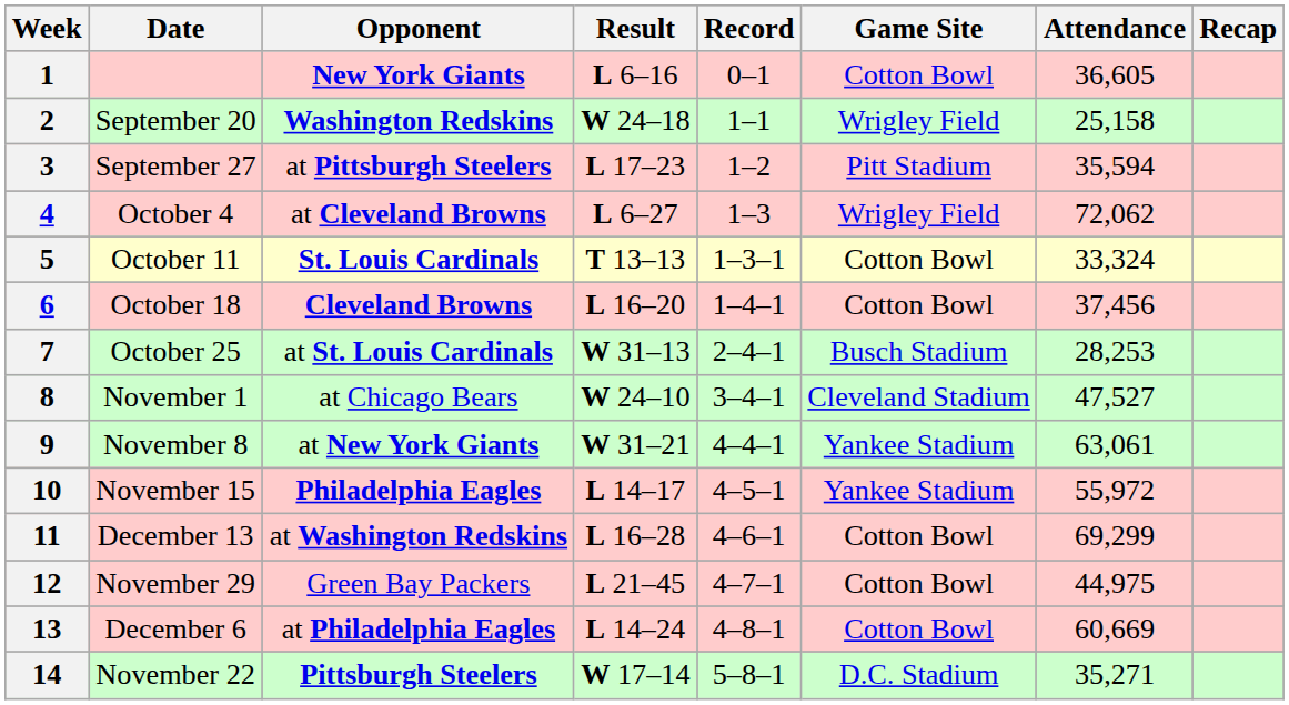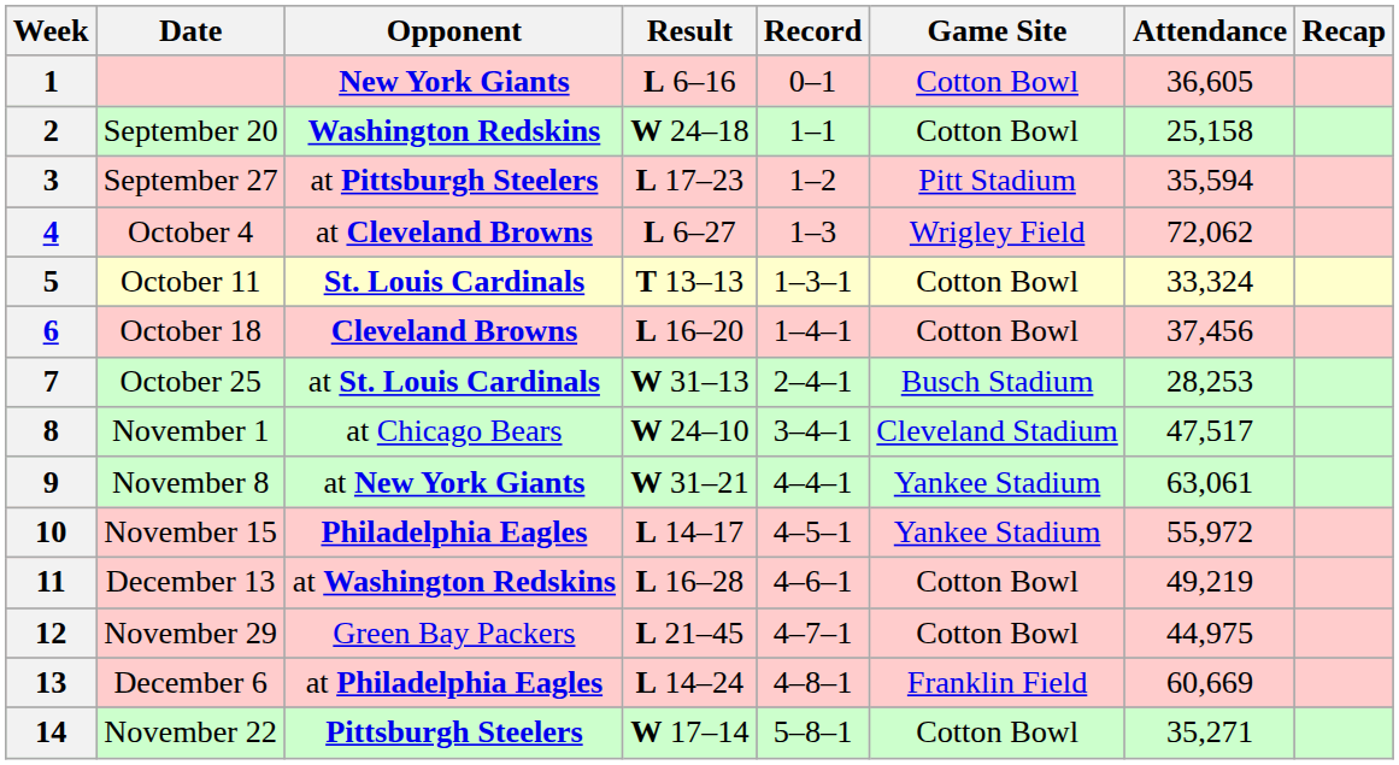 <table class="wikitable" style="text-align:center">
 <tr>
 <th>Week</th>
 <th>Date</th>
 <th>Opponent</th>
 <th>Result</th>
 <th>Record</th>
 <th>Game Site</th>
 <th>Attendance</th>
 <th>Recap</th>
 </tr>
 <tr style="background: #fcc">
 <th>1</th>
 <td></td>
 <td><strong><a href='#'>New York Giants</a></strong></td>
 <td><strong>L</strong> 6–16</td>
 <td>0–1</td>
 <td><a href='#'>Cotton Bowl</a></td>
 <td>36,605</td>
 <td></td>
 </tr>
 <tr style="background: #cfc">
 <th>2</th>
 <td>September 20</td>
 <td><strong><a href='#'>Washington Redskins</a></strong></td>
 <td><strong>W</strong> 24–18</td>
 <td>1–1</td>
-<td><a href='#'>Wrigley Field</a></td>
+<td>Cotton Bowl</td>
 <td>25,158</td>
 <td></td>
 </tr>
 <tr style="background: #fcc">
 <th>3</th>
 <td>September 27</td>
 <td>at <strong><a href='#'>Pittsburgh Steelers</a></strong></td>
 <td><strong>L</strong> 17–23</td>
 <td>1–2</td>
 <td><a href='#'>Pitt Stadium</a></td>
 <td>35,594</td>
 <td></td>
 </tr>
 <tr style="background: #fcc">
 <th><a href='#'>4</a></th>
 <td>October 4</td>
 <td>at <strong><a href='#'>Cleveland Browns</a></strong></td>
 <td><strong>L</strong> 6–27</td>
 <td>1–3</td>
 <td><a href='#'>Wrigley Field</a></td>
 <td>72,062</td>
 <td></td>
 </tr>
 <tr style="background: #ffc">
 <th>5</th>
 <td>October 11</td>
 <td><strong><a href='#'>St. Louis Cardinals</a></strong></td>
 <td><strong>T</strong> 13–13</td>
 <td>1–3–1</td>
 <td>Cotton Bowl</td>
 <td>33,324</td>
 <td></td>
 </tr>
 <tr style="background: #fcc">
 <th><a href='#'>6</a></th>
 <td>October 18</td>
 <td><strong><a href='#'>Cleveland Browns</a></strong></td>
 <td><strong>L</strong> 16–20</td>
 <td>1–4–1</td>
 <td>Cotton Bowl</td>
 <td>37,456</td>
 <td></td>
 </tr>
 <tr style="background: #cfc">
 <th>7</th>
 <td>October 25</td>
 <td>at <strong><a href='#'>St. Louis Cardinals</a></strong></td>
 <td><strong>W</strong> 31–13</td>
 <td>2–4–1</td>
 <td><a href='#'>Busch Stadium</a></td>
 <td>28,253</td>
 <td></td>
 </tr>
 <tr style="background: #cfc">
 <th>8</th>
 <td>November 1</td>
 <td>at <a href='#'>Chicago Bears</a></td>
 <td><strong>W</strong> 24–10</td>
 <td>3–4–1</td>
 <td><a href='#'>Cleveland Stadium</a></td>
-<td>47,527</td>
+<td>47,517</td>
 <td></td>
 </tr>
 <tr style="background: #cfc">
 <th>9</th>
 <td>November 8</td>
 <td>at <strong><a href='#'>New York Giants</a></strong></td>
 <td><strong>W</strong> 31–21</td>
 <td>4–4–1</td>
 <td><a href='#'>Yankee Stadium</a></td>
 <td>63,061</td>
 <td></td>
 </tr>
 <tr style="background: #fcc">
 <th>10</th>
 <td>November 15</td>
 <td><strong><a href='#'>Philadelphia Eagles</a></strong></td>
 <td><strong>L</strong> 14–17</td>
 <td>4–5–1</td>
 <td><a href='#'>Yankee Stadium</a></td>
 <td>55,972</td>
 <td></td>
 </tr>
 <tr style="background: #fcc">
 <th>11</th>
 <td>December 13</td>
 <td>at <strong><a href='#'>Washington Redskins</a></strong></td>
 <td><strong>L</strong> 16–28</td>
 <td>4–6–1</td>
 <td>Cotton Bowl</td>
-<td>69,299</td>
+<td>49,219</td>
 <td></td>
 </tr>
 <tr style="background: #fcc">
 <th>12</th>
 <td>November 29</td>
 <td><a href='#'>Green Bay Packers</a></td>
 <td><strong>L</strong> 21–45</td>
 <td>4–7–1</td>
 <td>Cotton Bowl</td>
 <td>44,975</td>
 <td></td>
 </tr>
 <tr style="background: #fcc">
 <th>13</th>
 <td>December 6</td>
 <td>at <strong><a href='#'>Philadelphia Eagles</a></strong></td>
 <td><strong>L</strong> 14–24</td>
 <td>4–8–1</td>
-<td><a href='#'>Cotton Bowl</a></td>
+<td><a href='#'>Franklin Field</a></td>
 <td>60,669</td>
 <td></td>
 </tr>
 <tr style="background: #cfc">
 <th>14</th>
 <td>November 22</td>
 <td><strong><a href='#'>Pittsburgh Steelers</a></strong></td>
 <td><strong>W</strong> 17–14</td>
 <td>5–8–1</td>
-<td><a href='#'>D.C. Stadium</a></td>
+<td>Cotton Bowl</td>
 <td>35,271</td>
 <td></td>
 </tr>
 </table>
